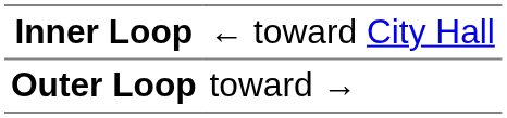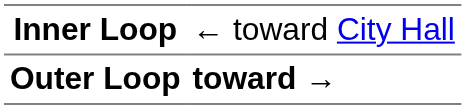 <table border="1" cellspacing="0" cellpadding="3" frame="hsides" rules="rows">
 <tr>
 <th><span>Inner Loop</span></th>
 <td>←  toward <a href='#'>City Hall</a></td>
 </tr>
 <tr>
 <th><span>Outer Loop</span></th>
-<td>  toward  →</td>
+<td><strong>  toward  →</strong></td>
 </tr>
 </table>
